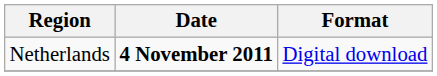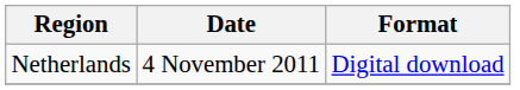 <table class="wikitable">
 <tr>
 <th>Region</th>
 <th>Date</th>
 <th>Format</th>
 </tr>
 <tr>
 <td>Netherlands</td>
-<td rowspan="1"><strong>4 November 2011</strong></td>
+<td rowspan="1">4 November 2011</td>
 <td rowspan="1"><a href='#'>Digital download</a></td>
 </tr>
 <tr>
 </tr>
 </table>
